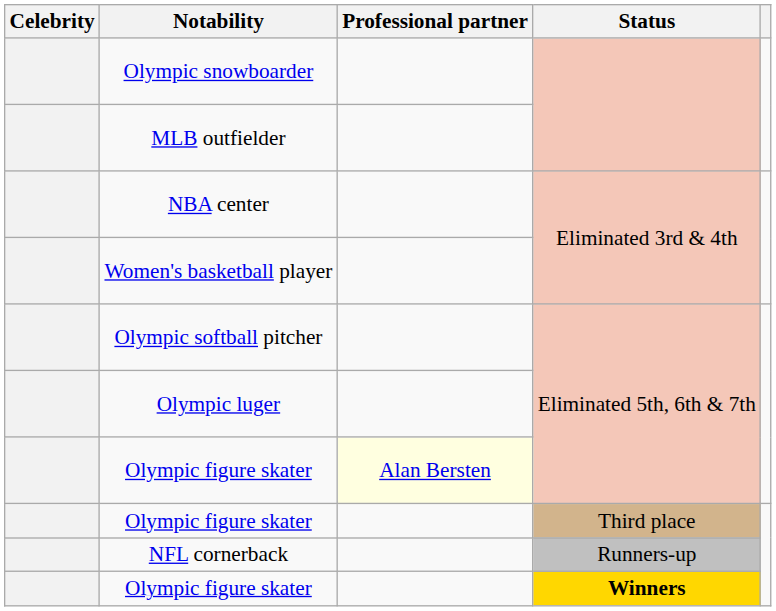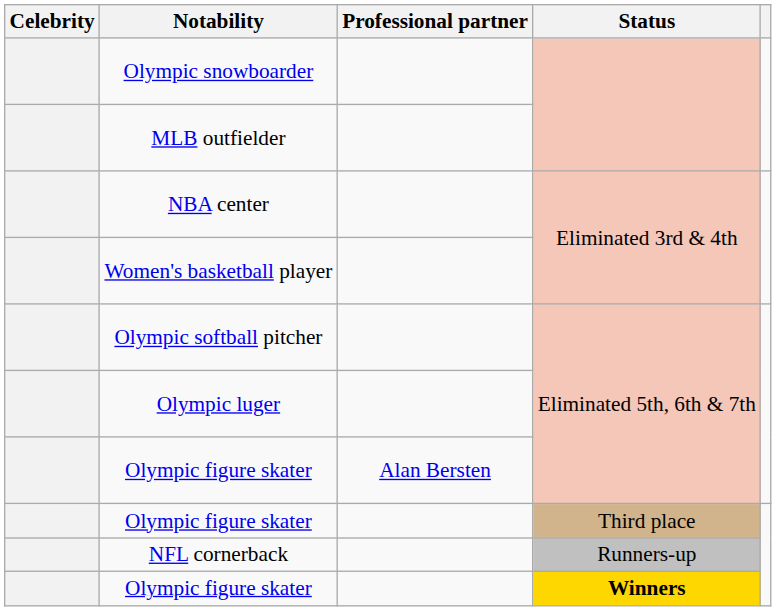 <table class="wikitable sortable" style="text-align:center;">
 <tr>
 <th scope="col">Celebrity</th>
 <th scope="col" class="unsortable">Notability</th>
 <th scope="col">Professional partner</th>
 <th scope="col">Status</th>
 <th scope="col" class="unsortable"></th>
 </tr>
 <tr style="height:50px">
 <th scope="row"></th>
 <td><a href='#'>Olympic snowboarder</a></td>
 <td></td>
 <td style="background:#f4c7b8;" rowspan="2"><br></td>
 <td rowspan="2"></td>
 </tr>
 <tr style="height:50px">
 <th scope="row"></th>
 <td><a href='#'>MLB</a> outfielder</td>
 <td></td>
 </tr>
 <tr style="height:50px">
 <th scope="row"></th>
 <td><a href='#'>NBA</a> center</td>
 <td></td>
 <td style="background:#f4c7b8;" rowspan="2">Eliminated 3rd & 4th<br></td>
 <td rowspan="2"></td>
 </tr>
 <tr style="height:50px">
 <th scope="row"></th>
 <td><a href='#'>Women's basketball</a> player</td>
 <td></td>
 </tr>
 <tr style="height:50px">
 <th scope="row"></th>
 <td><a href='#'>Olympic softball</a> pitcher</td>
 <td></td>
 <td style="background:#f4c7b8;" rowspan=3>Eliminated 5th, 6th & 7th<br></td>
 <td rowspan=3></td>
 </tr>
 <tr style="height:50px">
 <th scope="row"></th>
 <td><a href='#'>Olympic luger</a></td>
 <td></td>
 </tr>
 <tr style="height:50px">
 <th scope="row"></th>
 <td><a href='#'>Olympic figure skater</a></td>
-<td style="background: lightyellow;"><a href='#'>Alan Bersten</a></td>
+<td><a href='#'>Alan Bersten</a></td>
 </tr>
 <tr>
 <th scope="row"></th>
 <td><a href='#'>Olympic figure skater</a></td>
 <td></td>
 <td style="background:tan;">Third place<br></td>
 <td rowspan=3></td>
 </tr>
 <tr>
 <th scope="row"></th>
 <td><a href='#'>NFL</a> cornerback</td>
 <td></td>
 <td style="background:silver;">Runners-up<br></td>
 </tr>
 <tr>
 <th scope="row"></th>
 <td><a href='#'>Olympic figure skater</a></td>
 <td></td>
 <td style="background:gold;"><strong>Winners</strong><br></td>
 </tr>
 </table>
